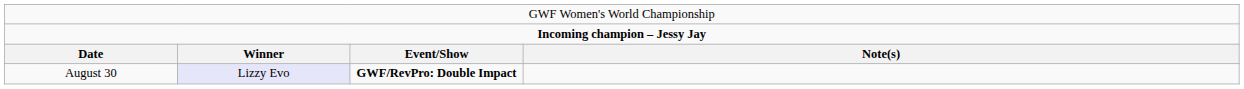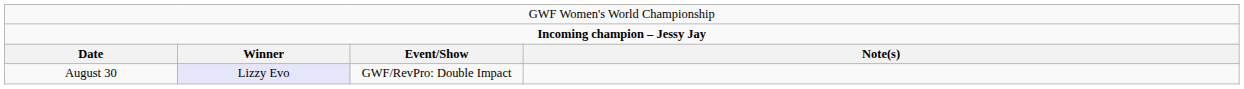 <table class="wikitable" style="text-align:center; width:100%;">
 <tr>
 <td colspan="4" style="text-align: center;">GWF Women's World Championship</td>
 </tr>
 <tr>
 <td colspan="4" style="text-align: center;"><strong>Incoming champion – Jessy Jay</strong></td>
 </tr>
 <tr>
 <th width=14%>Date</th>
 <th width=14%>Winner</th>
 <th width=14%>Event/Show</th>
 <th width=58%>Note(s)</th>
 </tr>
 <tr>
 <td>August 30</td>
 <td style="background: lavender;">Lizzy Evo</td>
-<td><strong>GWF/RevPro: Double Impact<br></strong></td>
+<td>GWF/RevPro: Double Impact<br></td>
 <td></td>
 </tr>
 </table>
